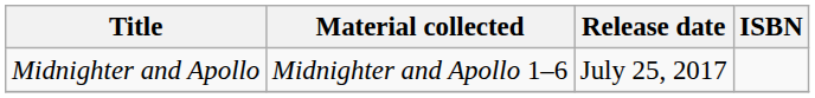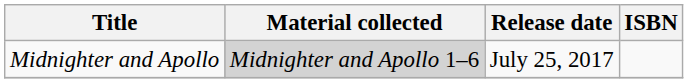 <table class="wikitable">
 <tr>
 <th>Title</th>
 <th>Material collected</th>
 <th>Release date</th>
 <th>ISBN</th>
 </tr>
 <tr>
 <td><em>Midnighter and Apollo</em></td>
-<td><em>Midnighter and Apollo</em> 1–6</td>
+<td style="background: lightgrey;"><em>Midnighter and Apollo</em> 1–6</td>
 <td>July 25, 2017</td>
 <td style=white-space:nowrap></td>
 </tr>
 <tr>
 </tr>
 </table>
